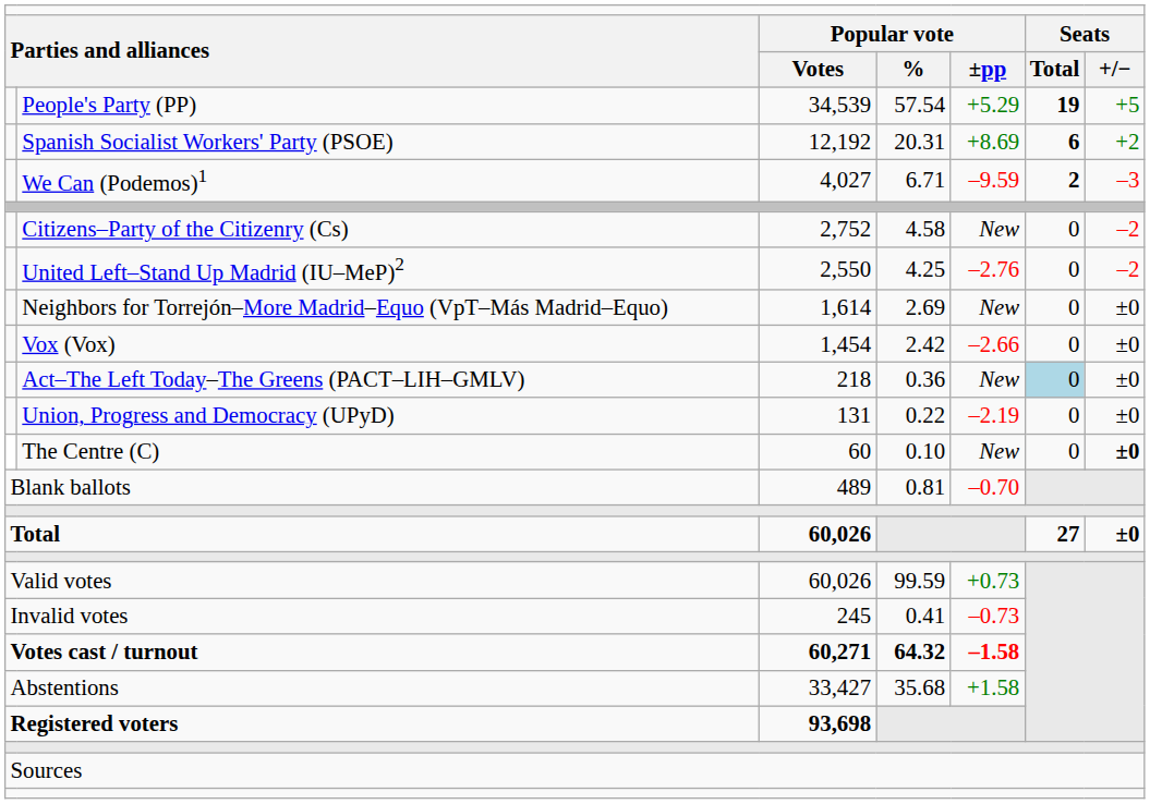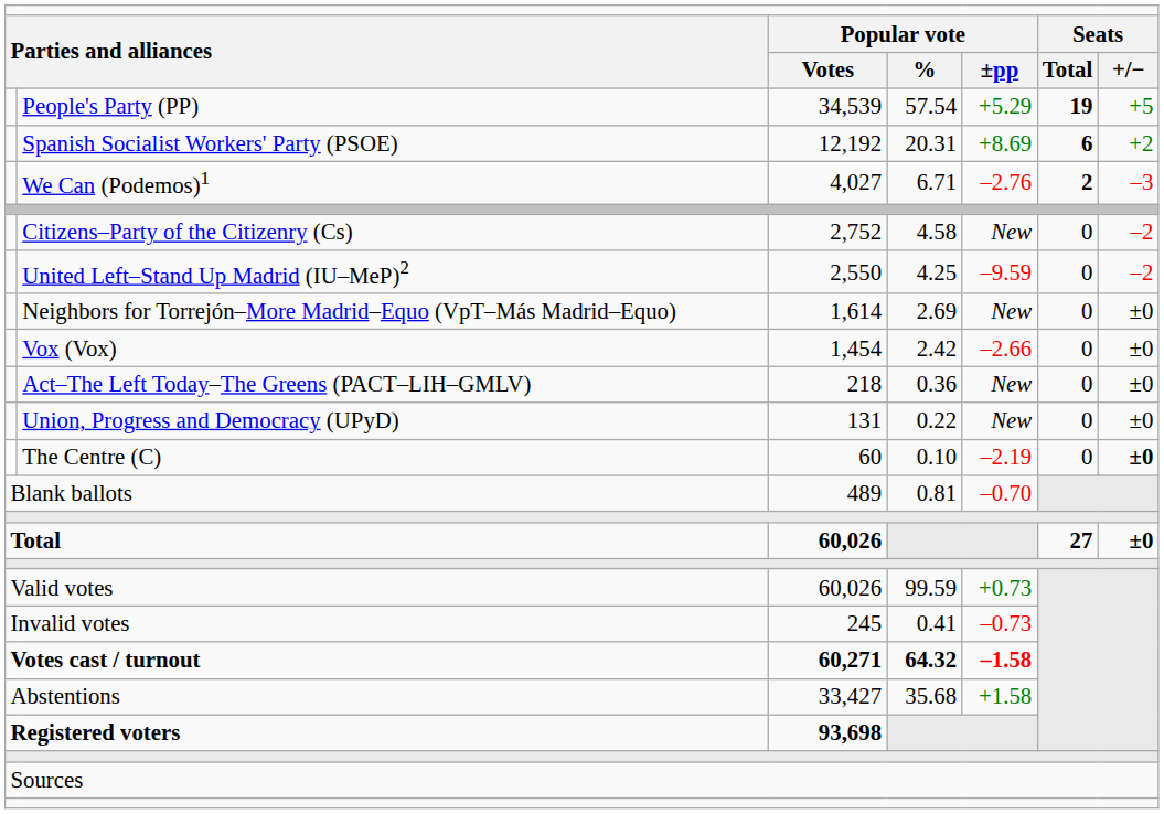 <table class="wikitable" style="text-align:right;">
 <tr>
 <td colspan="7"></td>
 </tr>
 <tr>
 <th style="text-align:left;" rowspan="2" colspan="2" width="525">Parties and alliances</th>
 <th colspan="3">Popular vote</th>
 <th colspan="2">Seats</th>
 </tr>
 <tr>
 <th width="75">Votes</th>
 <th width="45">%</th>
 <th width="45">±<a href='#'>pp</a></th>
 <th width="35">Total</th>
 <th width="35">+/−</th>
 </tr>
 <tr>
 <td width="1" style="color:inherit;background:"></td>
 <td align="left"><a href='#'>People's Party</a> (PP)</td>
 <td>34,539</td>
 <td>57.54</td>
 <td style="color:green;">+5.29</td>
 <td><strong>19</strong></td>
 <td style="color:green;">+5</td>
 </tr>
 <tr>
 <td style="color:inherit;background:"></td>
 <td align="left"><a href='#'>Spanish Socialist Workers' Party</a> (PSOE)</td>
 <td>12,192</td>
 <td>20.31</td>
 <td style="color:green;">+8.69</td>
 <td><strong>6</strong></td>
 <td style="color:green;">+2</td>
 </tr>
 <tr>
 <td style="color:inherit;background:"></td>
 <td align="left"><a href='#'>We Can</a> (Podemos)<sup>1</sup></td>
 <td>4,027</td>
 <td>6.71</td>
-<td style="color:red;">–9.59</td>
+<td style="color:red;">–2.76</td>
 <td><strong>2</strong></td>
 <td style="color:red;">–3</td>
 </tr>
 <tr>
 <td colspan="7" bgcolor="#C0C0C0"></td>
 </tr>
 <tr>
 <td style="color:inherit;background:"></td>
 <td align="left"><a href='#'>Citizens–Party of the Citizenry</a> (Cs)</td>
 <td>2,752</td>
 <td>4.58</td>
 <td><em>New</em></td>
 <td>0</td>
 <td style="color:red;">–2</td>
 </tr>
 <tr>
 <td style="color:inherit;background:"></td>
 <td align="left"><a href='#'>United Left–Stand Up Madrid</a> (IU–MeP)<sup>2</sup></td>
 <td>2,550</td>
 <td>4.25</td>
-<td style="color:red;">–2.76</td>
+<td style="color:red;">–9.59</td>
 <td>0</td>
 <td style="color:red;">–2</td>
 </tr>
 <tr>
 <td style="color:inherit;background:"></td>
 <td align="left">Neighbors for Torrejón–<a href='#'>More Madrid</a>–<a href='#'>Equo</a> (VpT–Más Madrid–Equo)</td>
 <td>1,614</td>
 <td>2.69</td>
 <td><em>New</em></td>
 <td>0</td>
 <td>±0</td>
 </tr>
 <tr>
 <td style="color:inherit;background:"></td>
 <td align="left"><a href='#'>Vox</a> (Vox)</td>
 <td>1,454</td>
 <td>2.42</td>
 <td style="color:red;">–2.66</td>
 <td>0</td>
 <td>±0</td>
 </tr>
 <tr>
 <td style="color:inherit;background:"></td>
 <td align="left"><a href='#'>Act–The Left Today</a>–<a href='#'>The Greens</a> (PACT–LIH–GMLV)</td>
 <td>218</td>
 <td>0.36</td>
 <td><em>New</em></td>
-<td style="background: lightblue;">0</td>
+<td>0</td>
 <td>±0</td>
 </tr>
 <tr>
 <td style="color:inherit;background:"></td>
 <td align="left"><a href='#'>Union, Progress and Democracy</a> (UPyD)</td>
 <td>131</td>
 <td>0.22</td>
-<td style="color:red;">–2.19</td>
+<td><em>New</em></td>
 <td>0</td>
 <td>±0</td>
 </tr>
 <tr>
 <td bgcolor="white"></td>
 <td align="left">The Centre (C)</td>
 <td>60</td>
 <td>0.10</td>
-<td><em>New</em></td>
+<td style="color:red;">–2.19</td>
 <td>0</td>
 <td><strong>±0</strong></td>
 </tr>
 <tr>
 <td align="left" colspan="2">Blank ballots</td>
 <td>489</td>
 <td>0.81</td>
 <td style="color:red;">–0.70</td>
 <td bgcolor="#E9E9E9" colspan="2"></td>
 </tr>
 <tr>
 <td colspan="7" bgcolor="#E9E9E9"></td>
 </tr>
 <tr style="font-weight:bold;">
 <td align="left" colspan="2">Total</td>
 <td>60,026</td>
 <td bgcolor="#E9E9E9" colspan="2"></td>
 <td>27</td>
 <td>±0</td>
 </tr>
 <tr>
 <td colspan="7" bgcolor="#E9E9E9"></td>
 </tr>
 <tr>
 <td align="left" colspan="2">Valid votes</td>
 <td>60,026</td>
 <td>99.59</td>
 <td style="color:green;">+0.73</td>
 <td bgcolor="#E9E9E9" colspan="2" rowspan="5"></td>
 </tr>
 <tr>
 <td align="left" colspan="2">Invalid votes</td>
 <td>245</td>
 <td>0.41</td>
 <td style="color:red;">–0.73</td>
 </tr>
 <tr style="font-weight:bold;">
 <td align="left" colspan="2">Votes cast / turnout</td>
 <td>60,271</td>
 <td>64.32</td>
 <td style="color:red;">–1.58</td>
 </tr>
 <tr>
 <td align="left" colspan="2">Abstentions</td>
 <td>33,427</td>
 <td>35.68</td>
 <td style="color:green;">+1.58</td>
 </tr>
 <tr style="font-weight:bold;">
 <td align="left" colspan="2">Registered voters</td>
 <td>93,698</td>
 <td bgcolor="#E9E9E9" colspan="2"></td>
 </tr>
 <tr>
 <td colspan="7" bgcolor="#E9E9E9"></td>
 </tr>
 <tr>
 <td align="left" colspan="7">Sources</td>
 </tr>
 <tr>
 <td colspan="7" style="text-align:left; max-width:790px;"></td>
 </tr>
 </table>
